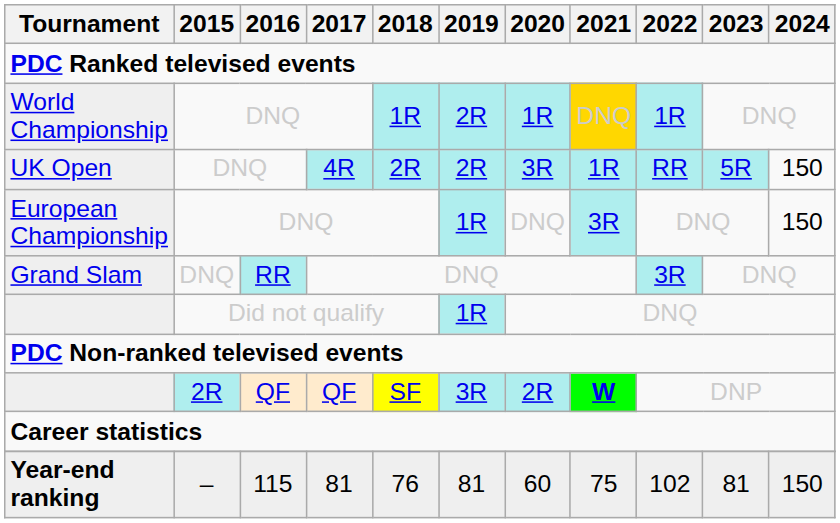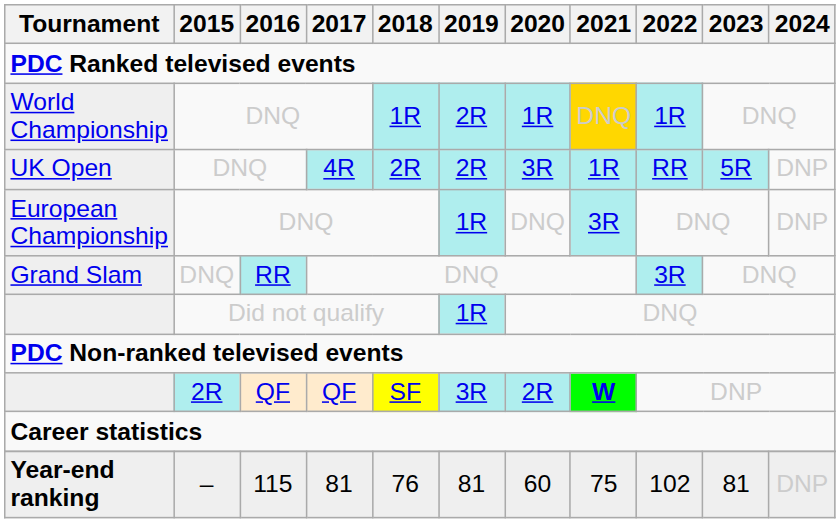 <table class="wikitable" style="width:20%; margin:0">
 <tr>
 <th>Tournament</th>
 <th>2015</th>
 <th>2016</th>
 <th>2017</th>
 <th>2018</th>
 <th>2019</th>
 <th>2020</th>
 <th>2021</th>
 <th>2022</th>
 <th>2023</th>
 <th>2024</th>
 </tr>
 <tr>
 <td colspan="32" align="left"><strong><a href='#'>PDC</a> Ranked televised events</strong></td>
 </tr>
 <tr>
 <td style="background:#efefef;"><a href='#'>World Championship</a></td>
 <td colspan="3" style="text-align:center; color:#ccc;">DNQ</td>
 <td style="text-align:center; background:#afeeee;"><a href='#'>1R</a></td>
 <td style="text-align:center; background:#afeeee;"><a href='#'>2R</a></td>
 <td style="text-align:center; background:#afeeee;"><a href='#'>1R</a></td>
 <td style="background: gold; text-align:center; color:#ccc;">DNQ</td>
 <td style="text-align:center; background:#afeeee;"><a href='#'>1R</a></td>
 <td colspan="2"  style="text-align:center; color:#ccc;">DNQ</td>
 </tr>
 <tr>
 <td style="background:#efefef;"><a href='#'>UK Open</a></td>
 <td colspan="2" style="text-align:center; color:#ccc;">DNQ</td>
 <td style="text-align:center; background:#afeeee;"><a href='#'>4R</a></td>
 <td style="text-align:center; background:#afeeee;"><a href='#'>2R</a></td>
 <td style="text-align:center; background:#afeeee;"><a href='#'>2R</a></td>
 <td style="text-align:center; background:#afeeee;"><a href='#'>3R</a></td>
 <td style="text-align:center; background:#afeeee;"><a href='#'>1R</a></td>
 <td style="text-align:center; background:#afeeee;"><a href='#'>RR</a></td>
 <td style="text-align:center; background:#afeeee;"><a href='#'>5R</a></td>
-<td style="text-align:center;">150</td>
+<td style="text-align:center; color:#ccc;">DNP</td>
 </tr>
 <tr>
 <td style="background:#efefef;"><a href='#'>European Championship</a></td>
 <td colspan="4" style="text-align:center; color:#ccc;">DNQ</td>
 <td style="text-align:center; background:#afeeee;"><a href='#'>1R</a></td>
 <td style="text-align:center; color:#ccc;">DNQ</td>
 <td style="text-align:center; background:#afeeee;"><a href='#'>3R</a></td>
 <td colspan="2"  style="text-align:center; color:#ccc;">DNQ</td>
-<td style="text-align:center;">150</td>
+<td style="text-align:center; color:#ccc;">DNP</td>
 </tr>
 <tr>
 <td style="background:#efefef;"><a href='#'>Grand Slam</a></td>
 <td style="text-align:center; color:#ccc;">DNQ</td>
 <td style="text-align:center; background:#afeeee;"><a href='#'>RR</a></td>
 <td colspan="5" style="text-align:center; color:#ccc;">DNQ</td>
 <td style="text-align:center; background:#afeeee;"><a href='#'>3R</a></td>
 <td colspan="2" style="text-align:center; color:#ccc;">DNQ</td>
 </tr>
 <tr>
 <td style="background:#efefef;"></td>
 <td colspan="4" style="text-align:center; color:#ccc;">Did not qualify</td>
 <td style="text-align:center; background:#afeeee;"><a href='#'>1R</a></td>
 <td colspan="5" style="text-align:center; color:#ccc;">DNQ</td>
 </tr>
 <tr>
 <td colspan="32" align="left"><strong><a href='#'>PDC</a> Non-ranked televised events</strong></td>
 </tr>
 <tr>
 <td style="background:#efefef;"></td>
 <td style="text-align:center; background:#afeeee;"><a href='#'>2R</a></td>
 <td style="text-align:center; background:#ffebcd;"><a href='#'>QF</a></td>
 <td style="text-align:center; background:#ffebcd;"><a href='#'>QF</a></td>
 <td style="text-align:center; background:yellow;"><a href='#'>SF</a></td>
 <td style="text-align:center; background:#afeeee;"><a href='#'>3R</a></td>
 <td style="text-align:center; background:#afeeee;"><a href='#'>2R</a></td>
 <td style="text-align:center; background:lime;"><a href='#'><strong>W</strong></a></td>
 <td colspan="3" style="text-align:center; color:#ccc;">DNP</td>
 </tr>
 <tr>
 <td colspan="18" align="left"><strong>Career statistics</strong></td>
 </tr>
 <tr>
 </tr>
 <tr bgcolor="efefef">
 <td align="left"><strong>Year-end ranking</strong></td>
 <td style="text-align:center;">–</td>
 <td style="text-align:center;">115</td>
 <td style="text-align:center;">81</td>
 <td style="text-align:center;">76</td>
 <td style="text-align:center;">81</td>
 <td style="text-align:center;">60</td>
 <td style="text-align:center;">75</td>
 <td style="text-align:center;">102</td>
 <td style="text-align:center;">81</td>
-<td style="text-align:center;">150</td>
+<td style="text-align:center; color:#ccc;">DNP</td>
 </tr>
 </table>
